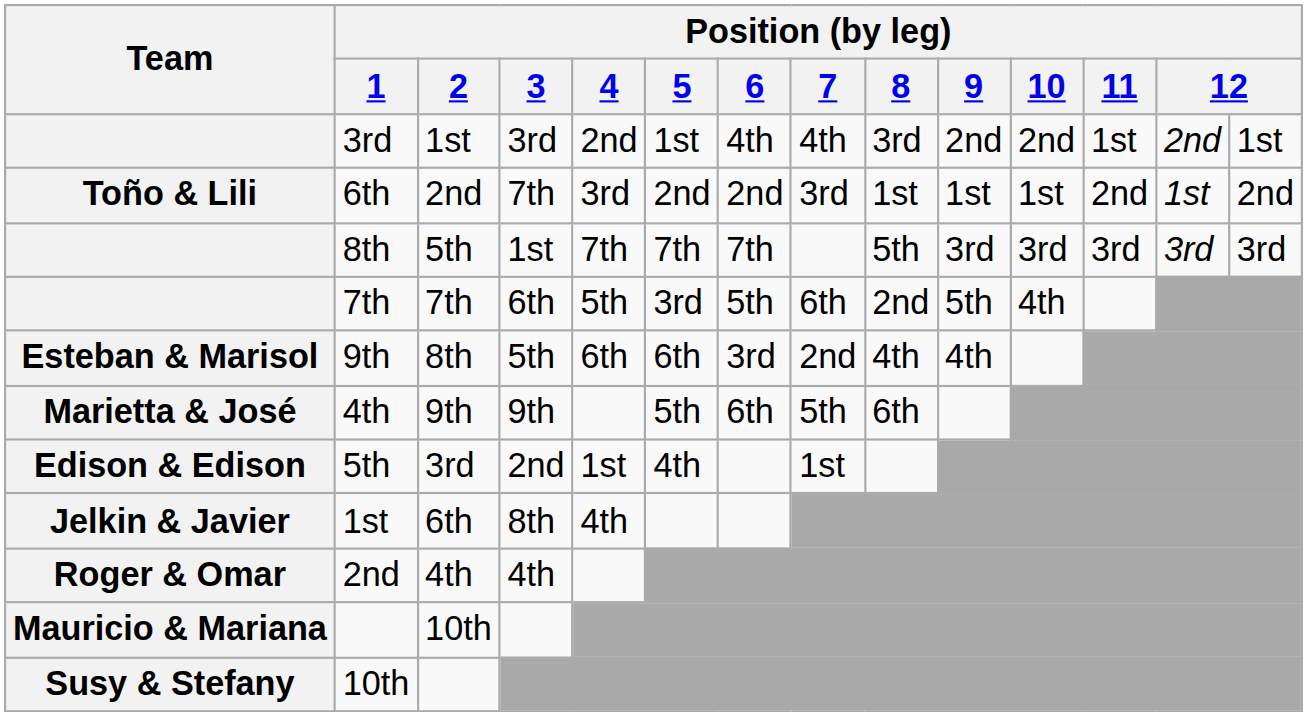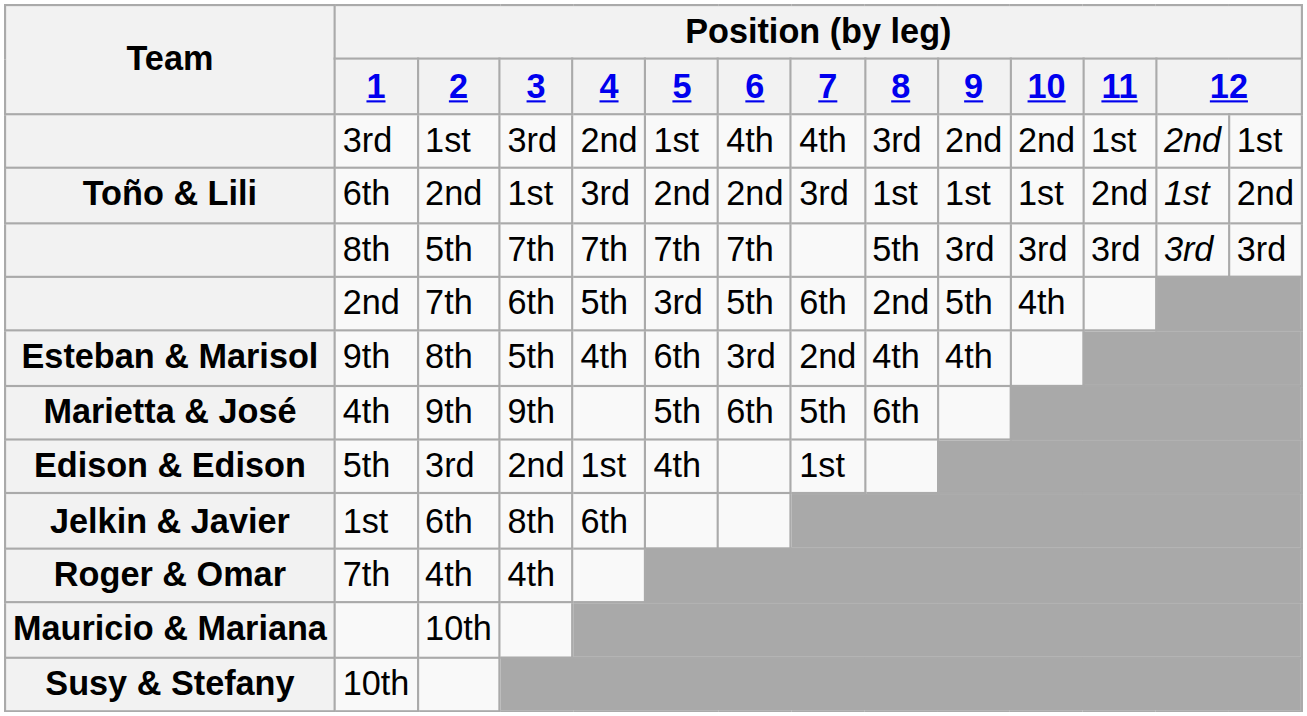 <table class="wikitable">
 <tr>
 <th rowspan="2">Team</th>
 <th colspan="13">Position (by leg)</th>
 </tr>
 <tr>
 <th><a href='#'>1</a></th>
 <th><a href='#'>2</a></th>
 <th><a href='#'>3</a></th>
 <th><a href='#'>4</a><span></span></th>
 <th><a href='#'>5</a></th>
 <th><a href='#'>6</a></th>
 <th><a href='#'>7</a></th>
 <th><a href='#'>8</a></th>
 <th><a href='#'>9</a></th>
 <th><span></span><a href='#'>10</a><span></span></th>
 <th><a href='#'>11</a></th>
 <th colspan="2"><a href='#'>12</a></th>
 </tr>
 <tr>
 <th></th>
 <td>3rd</td>
 <td>1st</td>
 <td>3rd</td>
 <td>2nd</td>
 <td>1st</td>
 <td>4th</td>
 <td>4th</td>
 <td>3rd</td>
 <td>2nd</td>
 <td>2nd</td>
 <td>1st</td>
 <td><em>2nd</em></td>
 <td>1st</td>
 </tr>
 <tr>
 <th>Toño & Lili</th>
 <td>6th</td>
 <td>2nd</td>
-<td>7th</td>
+<td>1st</td>
 <td>3rd</td>
 <td>2nd</td>
 <td>2nd</td>
 <td>3rd</td>
 <td>1st</td>
 <td>1st</td>
 <td>1st</td>
 <td>2nd</td>
 <td><em>1st</em></td>
 <td>2nd</td>
 </tr>
 <tr>
 <th></th>
 <td>8th</td>
 <td>5th</td>
-<td>1st</td>
+<td>7th</td>
 <td>7th</td>
 <td>7th</td>
 <td>7th</td>
 <td></td>
 <td>5th</td>
 <td>3rd</td>
 <td>3rd</td>
 <td>3rd</td>
 <td><em>3rd</em></td>
 <td>3rd</td>
 </tr>
 <tr>
 <th></th>
-<td>7th</td>
+<td>2nd</td>
 <td>7th</td>
 <td>6th</td>
 <td>5th</td>
 <td>3rd</td>
 <td>5th</td>
 <td>6th</td>
 <td>2nd</td>
 <td>5th</td>
 <td>4th</td>
 <td></td>
 <td bgcolor="A9A9A9" colspan=2></td>
 </tr>
 <tr>
 <th>Esteban & Marisol</th>
 <td>9th</td>
 <td>8th</td>
 <td>5th</td>
-<td>6th</td>
+<td>4th</td>
 <td>6th</td>
 <td>3rd</td>
 <td>2nd</td>
 <td>4th</td>
 <td>4th</td>
 <td></td>
 <td bgcolor="A9A9A9" colspan=3></td>
 </tr>
 <tr>
 <th>Marietta & José</th>
 <td>4th</td>
 <td>9th</td>
 <td>9th</td>
 <td></td>
 <td>5th</td>
 <td>6th</td>
 <td>5th</td>
 <td>6th</td>
 <td></td>
 <td bgcolor="A9A9A9" colspan=4></td>
 </tr>
 <tr>
 <th>Edison & Edison</th>
 <td>5th</td>
 <td>3rd</td>
 <td>2nd</td>
 <td>1st</td>
 <td>4th</td>
 <td></td>
 <td>1st</td>
 <td></td>
 <td bgcolor="A9A9A9" colspan=5></td>
 </tr>
 <tr>
 <th>Jelkin & Javier</th>
 <td>1st</td>
 <td>6th</td>
 <td>8th</td>
-<td>4th</td>
+<td>6th</td>
 <td></td>
 <td></td>
 <td bgcolor="A9A9A9" colspan=7></td>
 </tr>
 <tr>
 <th>Roger & Omar</th>
-<td>2nd</td>
+<td>7th</td>
 <td>4th</td>
 <td>4th</td>
 <td></td>
 <td bgcolor="A9A9A9" colspan=9></td>
 </tr>
 <tr>
 <th>Mauricio & Mariana</th>
 <td></td>
 <td>10th</td>
 <td></td>
 <td bgcolor="A9A9A9" colspan=10></td>
 </tr>
 <tr>
 <th>Susy & Stefany</th>
 <td>10th</td>
 <td></td>
 <td bgcolor="A9A9A9" colspan=11></td>
 </tr>
 </table>
